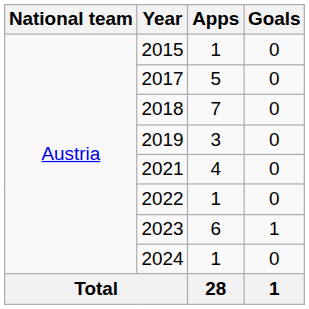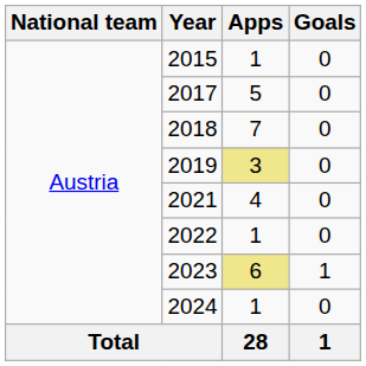 <table class="wikitable" style="text-align:center">
 <tr>
 <th>National team</th>
 <th>Year</th>
 <th>Apps</th>
 <th>Goals</th>
 </tr>
 <tr>
 <td rowspan="8"><a href='#'>Austria</a></td>
 <td>2015</td>
 <td>1</td>
 <td>0</td>
 </tr>
 <tr>
 <td>2017</td>
 <td>5</td>
 <td>0</td>
 </tr>
 <tr>
 <td>2018</td>
 <td>7</td>
 <td>0</td>
 </tr>
 <tr>
 <td>2019</td>
-<td>3</td>
+<td style="background: khaki;">3</td>
 <td>0</td>
 </tr>
 <tr>
 <td>2021</td>
 <td>4</td>
 <td>0</td>
 </tr>
 <tr>
 <td>2022</td>
 <td>1</td>
 <td>0</td>
 </tr>
 <tr>
 <td>2023</td>
-<td>6</td>
+<td style="background: khaki;">6</td>
 <td>1</td>
 </tr>
 <tr>
 <td>2024</td>
 <td>1</td>
 <td>0</td>
 </tr>
 <tr>
 <th colspan="2">Total</th>
 <th>28</th>
 <th>1</th>
 </tr>
 </table>
